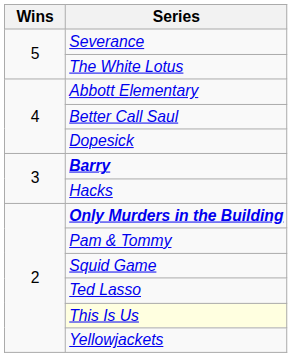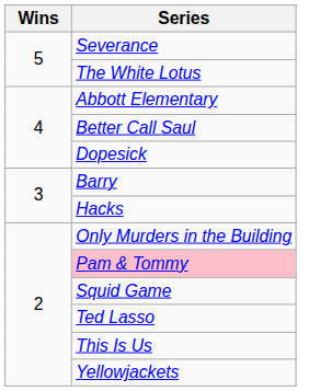 <table class="wikitable">
 <tr>
 <th scope="col" style="width:55px;">Wins</th>
 <th scope="col" style="text-align:center;">Series</th>
 </tr>
 <tr>
 <td rowspan="2" style="text-align:center">5</td>
 <td><em><a href='#'>Severance</a></em></td>
 </tr>
 <tr>
 <td><em><a href='#'>The White Lotus</a></em></td>
 </tr>
 <tr>
 <td rowspan="3" style="text-align:center">4</td>
 <td><em><a href='#'>Abbott Elementary</a></em></td>
 </tr>
 <tr>
 <td><em><a href='#'>Better Call Saul</a></em></td>
 </tr>
 <tr>
 <td><em><a href='#'>Dopesick</a></em></td>
 </tr>
 <tr>
 <td rowspan="2" style="text-align:center">3</td>
-<td><strong><em><a href='#'>Barry</a></em></strong></td>
+<td><em><a href='#'>Barry</a></em></td>
 </tr>
 <tr>
 <td><em><a href='#'>Hacks</a></em></td>
 </tr>
 <tr>
 <td rowspan="6" style="text-align:center">2</td>
-<td><strong><em><a href='#'>Only Murders in the Building</a></em></strong></td>
+<td><em><a href='#'>Only Murders in the Building</a></em></td>
 </tr>
 <tr>
-<td><em><a href='#'>Pam & Tommy</a></em></td>
+<td style="background: pink;"><em><a href='#'>Pam & Tommy</a></em></td>
 </tr>
 <tr>
 <td><em><a href='#'>Squid Game</a></em></td>
 </tr>
 <tr>
 <td><em><a href='#'>Ted Lasso</a></em></td>
 </tr>
 <tr>
-<td style="background: lightyellow;"><em><a href='#'>This Is Us</a></em></td>
+<td><em><a href='#'>This Is Us</a></em></td>
 </tr>
 <tr>
 <td><em><a href='#'>Yellowjackets</a></em></td>
 </tr>
 </table>
